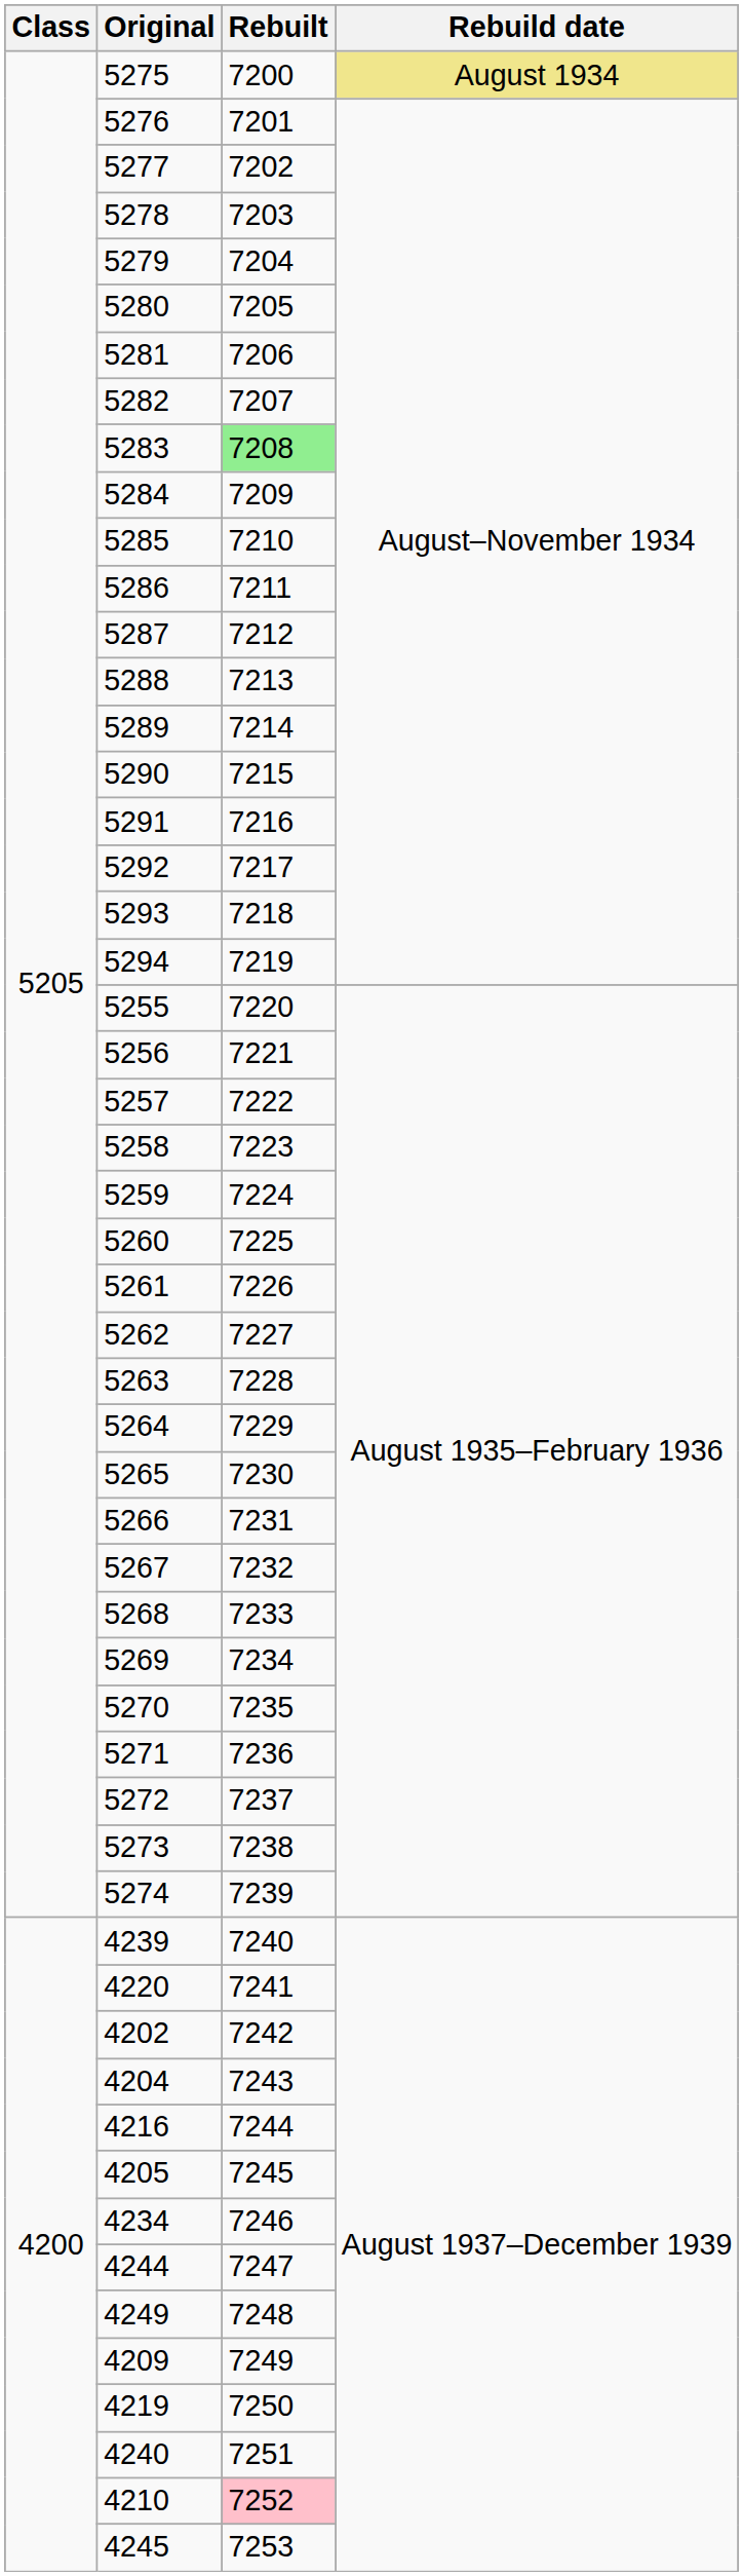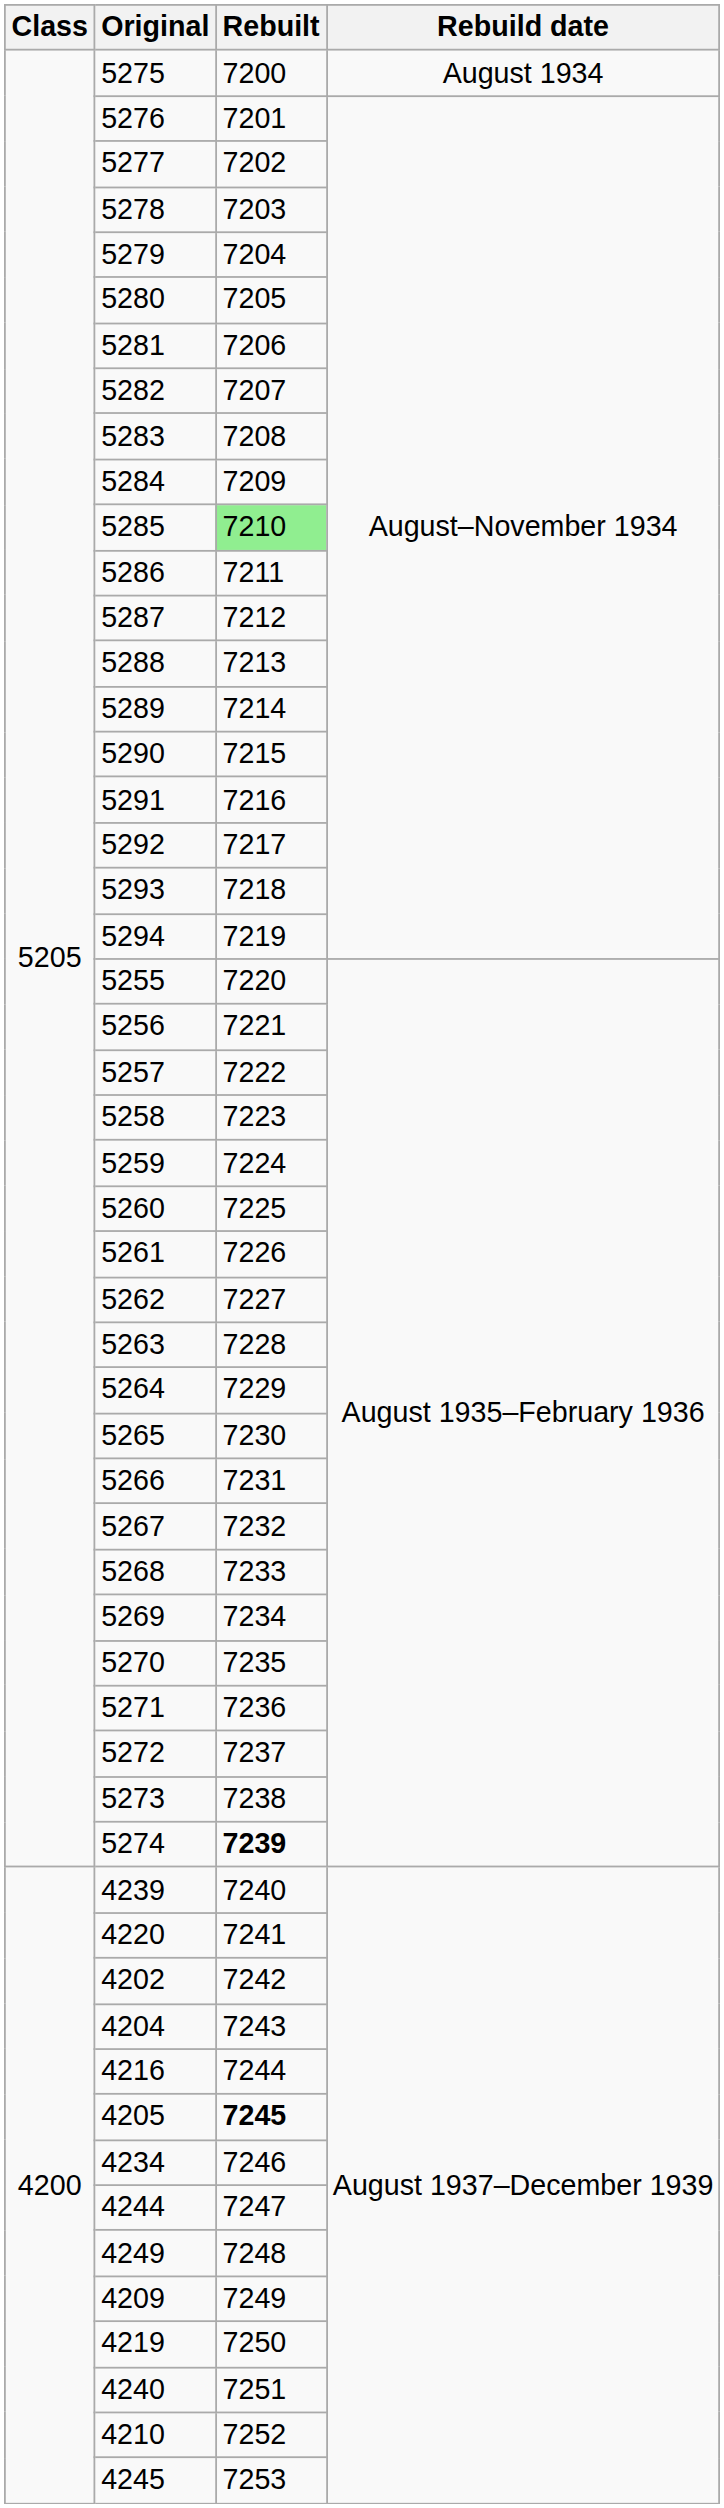 <table class="wikitable sortable collapsible">
 <tr>
 <th>Class</th>
 <th>Original</th>
 <th>Rebuilt</th>
 <th>Rebuild date</th>
 </tr>
 <tr>
 <td align=center rowspan=40>5205</td>
 <td>5275</td>
 <td>7200</td>
-<td align=center style="background: khaki;">August 1934</td>
+<td align=center>August 1934</td>
 </tr>
 <tr>
 <td>5276</td>
 <td>7201</td>
 <td align=center rowspan=19>August–November 1934</td>
 </tr>
 <tr>
 <td>5277</td>
 <td>7202</td>
 </tr>
 <tr>
 <td>5278</td>
 <td>7203</td>
 </tr>
 <tr>
 <td>5279</td>
 <td>7204</td>
 </tr>
 <tr>
 <td>5280</td>
 <td>7205</td>
 </tr>
 <tr>
 <td>5281</td>
 <td>7206</td>
 </tr>
 <tr>
 <td>5282</td>
 <td>7207</td>
 </tr>
 <tr>
 <td>5283</td>
-<td style="background: lightgreen;">7208</td>
+<td>7208</td>
 </tr>
 <tr>
 <td>5284</td>
 <td>7209</td>
 </tr>
 <tr>
 <td>5285</td>
-<td>7210</td>
+<td style="background: lightgreen;">7210</td>
 </tr>
 <tr>
 <td>5286</td>
 <td>7211</td>
 </tr>
 <tr>
 <td>5287</td>
 <td>7212</td>
 </tr>
 <tr>
 <td>5288</td>
 <td>7213</td>
 </tr>
 <tr>
 <td>5289</td>
 <td>7214</td>
 </tr>
 <tr>
 <td>5290</td>
 <td>7215</td>
 </tr>
 <tr>
 <td>5291</td>
 <td>7216</td>
 </tr>
 <tr>
 <td>5292</td>
 <td>7217</td>
 </tr>
 <tr>
 <td>5293</td>
 <td>7218</td>
 </tr>
 <tr>
 <td>5294</td>
 <td>7219</td>
 </tr>
 <tr>
 <td>5255</td>
 <td>7220</td>
 <td align=center rowspan=20>August 1935–February 1936</td>
 </tr>
 <tr>
 <td>5256</td>
 <td>7221</td>
 </tr>
 <tr>
 <td>5257</td>
 <td>7222</td>
 </tr>
 <tr>
 <td>5258</td>
 <td>7223</td>
 </tr>
 <tr>
 <td>5259</td>
 <td>7224</td>
 </tr>
 <tr>
 <td>5260</td>
 <td>7225</td>
 </tr>
 <tr>
 <td>5261</td>
 <td>7226</td>
 </tr>
 <tr>
 <td>5262</td>
 <td>7227</td>
 </tr>
 <tr>
 <td>5263</td>
 <td>7228</td>
 </tr>
 <tr>
 <td>5264</td>
 <td>7229</td>
 </tr>
 <tr>
 <td>5265</td>
 <td>7230</td>
 </tr>
 <tr>
 <td>5266</td>
 <td>7231</td>
 </tr>
 <tr>
 <td>5267</td>
 <td>7232</td>
 </tr>
 <tr>
 <td>5268</td>
 <td>7233</td>
 </tr>
 <tr>
 <td>5269</td>
 <td>7234</td>
 </tr>
 <tr>
 <td>5270</td>
 <td>7235</td>
 </tr>
 <tr>
 <td>5271</td>
 <td>7236</td>
 </tr>
 <tr>
 <td>5272</td>
 <td>7237</td>
 </tr>
 <tr>
 <td>5273</td>
 <td>7238</td>
 </tr>
 <tr>
 <td>5274</td>
-<td>7239</td>
+<td><strong>7239</strong></td>
 </tr>
 <tr>
 <td align=center rowspan= 14>4200</td>
 <td>4239</td>
 <td>7240</td>
 <td align=center rowspan=14>August 1937–December 1939</td>
 </tr>
 <tr>
 <td>4220</td>
 <td>7241</td>
 </tr>
 <tr>
 <td>4202</td>
 <td>7242</td>
 </tr>
 <tr>
 <td>4204</td>
 <td>7243</td>
 </tr>
 <tr>
 <td>4216</td>
 <td>7244</td>
 </tr>
 <tr>
 <td>4205</td>
-<td>7245</td>
+<td><strong>7245</strong></td>
 </tr>
 <tr>
 <td>4234</td>
 <td>7246</td>
 </tr>
 <tr>
 <td>4244</td>
 <td>7247</td>
 </tr>
 <tr>
 <td>4249</td>
 <td>7248</td>
 </tr>
 <tr>
 <td>4209</td>
 <td>7249</td>
 </tr>
 <tr>
 <td>4219</td>
 <td>7250</td>
 </tr>
 <tr>
 <td>4240</td>
 <td>7251</td>
 </tr>
 <tr>
 <td>4210</td>
-<td style="background: pink;">7252</td>
+<td>7252</td>
 </tr>
 <tr>
 <td>4245</td>
 <td>7253</td>
 </tr>
 </table>
